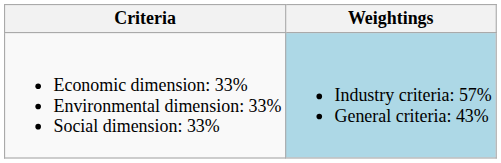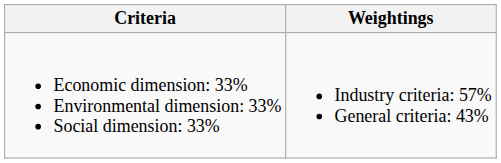 <table class="wikitable">
 <tr>
 <th>Criteria</th>
 <th>Weightings</th>
 </tr>
 <tr>
 <td><br><ul><li>Economic dimension: 33%</li><li>Environmental dimension: 33%</li><li>Social dimension: 33%</li></ul></td>
-<td style="background: lightblue;"><br><ul><li>Industry criteria: 57%</li><li>General criteria: 43%</li></ul></td>
+<td><br><ul><li>Industry criteria: 57%</li><li>General criteria: 43%</li></ul></td>
 </tr>
 </table>
